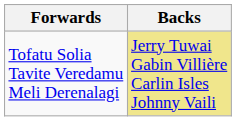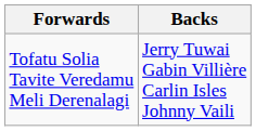 <table class=wikitable style="text-align: left;">
 <tr>
 <th align=center>Forwards</th>
 <th align=center>Backs</th>
 </tr>
 <tr>
 <td> <a href='#'>Tofatu Solia</a> <br>  <a href='#'>Tavite Veredamu</a> <br>  <a href='#'>Meli Derenalagi</a></td>
-<td style="background: khaki;"> <a href='#'>Jerry Tuwai</a> <br>  <a href='#'>Gabin Villière</a> <br>  <a href='#'>Carlin Isles</a> <br>  <a href='#'>Johnny Vaili</a></td>
+<td> <a href='#'>Jerry Tuwai</a> <br>  <a href='#'>Gabin Villière</a> <br>  <a href='#'>Carlin Isles</a> <br>  <a href='#'>Johnny Vaili</a></td>
 </tr>
 </table>
